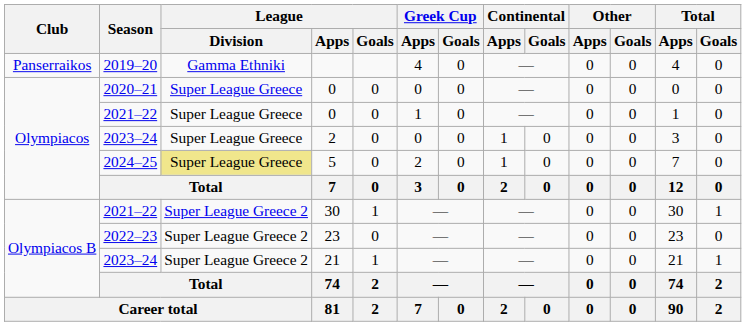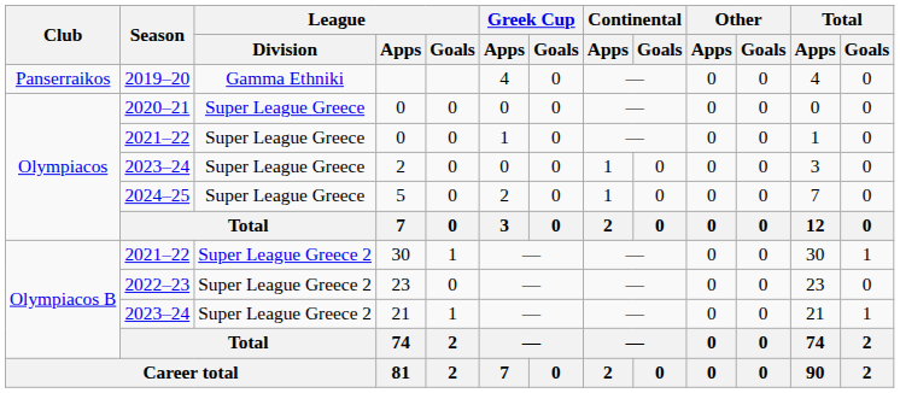 <table class="wikitable" style="text-align: center;">
 <tr>
 <th rowspan="2">Club</th>
 <th rowspan="2">Season</th>
 <th colspan="3">League</th>
 <th colspan="2"><a href='#'>Greek Cup</a></th>
 <th colspan="2">Continental</th>
 <th colspan="2">Other</th>
 <th colspan="2">Total</th>
 </tr>
 <tr>
 <th>Division</th>
 <th>Apps</th>
 <th>Goals</th>
 <th>Apps</th>
 <th>Goals</th>
 <th>Apps</th>
 <th>Goals</th>
 <th>Apps</th>
 <th>Goals</th>
 <th>Apps</th>
 <th>Goals</th>
 </tr>
 <tr>
 <td><a href='#'>Panserraikos</a></td>
 <td><a href='#'>2019–20</a></td>
 <td><a href='#'>Gamma Ethniki</a></td>
 <td></td>
 <td></td>
 <td>4</td>
 <td>0</td>
 <td colspan="2">—</td>
 <td>0</td>
 <td>0</td>
 <td>4</td>
 <td>0</td>
 </tr>
 <tr>
 <td rowspan="5"><a href='#'>Olympiacos</a></td>
 <td><a href='#'>2020–21</a></td>
 <td><a href='#'>Super League Greece</a></td>
 <td>0</td>
 <td>0</td>
 <td>0</td>
 <td>0</td>
 <td colspan="2">—</td>
 <td>0</td>
 <td>0</td>
 <td>0</td>
 <td>0</td>
 </tr>
 <tr>
 <td><a href='#'>2021–22</a></td>
 <td>Super League Greece</td>
 <td>0</td>
 <td>0</td>
 <td>1</td>
 <td>0</td>
 <td colspan="2">—</td>
 <td>0</td>
 <td>0</td>
 <td>1</td>
 <td>0</td>
 </tr>
 <tr>
 <td><a href='#'>2023–24</a></td>
 <td>Super League Greece</td>
 <td>2</td>
 <td>0</td>
 <td>0</td>
 <td>0</td>
 <td>1</td>
 <td>0</td>
 <td>0</td>
 <td>0</td>
 <td>3</td>
 <td>0</td>
 </tr>
 <tr>
 <td><a href='#'>2024–25</a></td>
-<td style="background: khaki;">Super League Greece</td>
+<td>Super League Greece</td>
 <td>5</td>
 <td>0</td>
 <td>2</td>
 <td>0</td>
 <td>1</td>
 <td>0</td>
 <td>0</td>
 <td>0</td>
 <td>7</td>
 <td>0</td>
 </tr>
 <tr>
 <th colspan="2"><strong>Total</strong></th>
 <th>7</th>
 <th>0</th>
 <th>3</th>
 <th>0</th>
 <th>2</th>
 <th>0</th>
 <th>0</th>
 <th>0</th>
 <th>12</th>
 <th>0</th>
 </tr>
 <tr>
 <td rowspan="4"><a href='#'>Olympiacos B</a></td>
 <td><a href='#'>2021–22</a></td>
 <td><a href='#'>Super League Greece 2</a></td>
 <td>30</td>
 <td>1</td>
 <td colspan="2">—</td>
 <td colspan="2">—</td>
 <td>0</td>
 <td>0</td>
 <td>30</td>
 <td>1</td>
 </tr>
 <tr>
 <td><a href='#'>2022–23</a></td>
 <td>Super League Greece 2</td>
 <td>23</td>
 <td>0</td>
 <td colspan="2">—</td>
 <td colspan="2">—</td>
 <td>0</td>
 <td>0</td>
 <td>23</td>
 <td>0</td>
 </tr>
 <tr>
 <td><a href='#'>2023–24</a></td>
 <td>Super League Greece 2</td>
 <td>21</td>
 <td>1</td>
 <td colspan="2">—</td>
 <td colspan="2">—</td>
 <td>0</td>
 <td>0</td>
 <td>21</td>
 <td>1</td>
 </tr>
 <tr>
 <th colspan="2"><strong>Total</strong></th>
 <th>74</th>
 <th>2</th>
 <th colspan="2">—</th>
 <th colspan="2">—</th>
 <th>0</th>
 <th>0</th>
 <th>74</th>
 <th>2</th>
 </tr>
 <tr>
 <th colspan="3"><strong>Career total</strong></th>
 <th>81</th>
 <th>2</th>
 <th>7</th>
 <th>0</th>
 <th>2</th>
 <th>0</th>
 <th>0</th>
 <th>0</th>
 <th>90</th>
 <th>2</th>
 </tr>
 </table>
